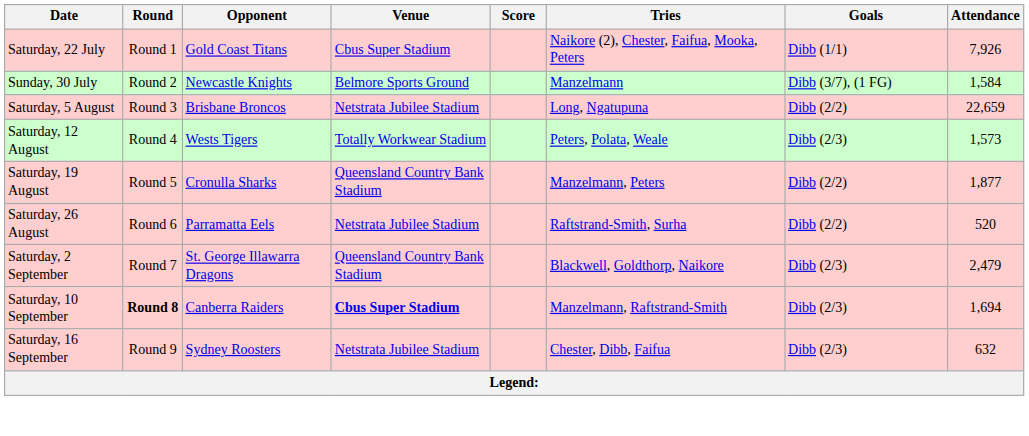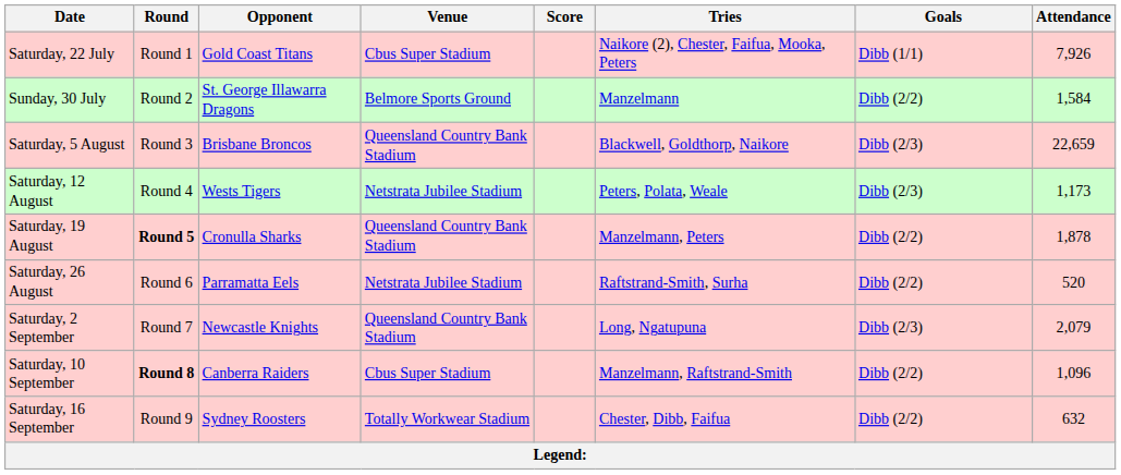 <table class="wikitable" style="font-size:75%;">
 <tr>
 <th style="width:120px;">Date</th>
 <th style="width:50px;">Round</th>
 <th style="width:160px;">Opponent</th>
 <th style="width:170px;">Venue</th>
 <th style="width:50px;">Score</th>
 <th style="width:270px;">Tries</th>
 <th style="width:190px;">Goals</th>
 <th style="width:60px;">Attendance</th>
 </tr>
 <tr style="background:#FFCFCF">
 <td>Saturday, 22 July</td>
 <td style="text-align:center;">Round 1</td>
 <td> <a href='#'>Gold Coast Titans</a></td>
 <td><a href='#'>Cbus Super Stadium</a></td>
 <td style="text-align:center;"></td>
 <td><a href='#'>Naikore</a> (2), <a href='#'>Chester</a>, <a href='#'>Faifua</a>, <a href='#'>Mooka</a>, <a href='#'>Peters</a></td>
 <td><a href='#'>Dibb</a> (1/1)</td>
 <td style="text-align:center;">7,926</td>
 </tr>
 <tr style="background:#CCFFCC">
 <td>Sunday, 30 July</td>
 <td style="text-align:center;">Round 2</td>
-<td> <a href='#'>Newcastle Knights</a></td>
+<td> <a href='#'>St. George Illawarra Dragons</a></td>
 <td><a href='#'>Belmore Sports Ground</a></td>
 <td style="text-align:center;"></td>
 <td><a href='#'>Manzelmann</a></td>
-<td><a href='#'>Dibb</a> (3/7), (1 FG)</td>
+<td><a href='#'>Dibb</a> (2/2)</td>
 <td style="text-align:center;">1,584</td>
 </tr>
 <tr style="background:#FFCFCF">
 <td>Saturday, 5 August</td>
 <td style="text-align:center;">Round 3</td>
 <td> <a href='#'>Brisbane Broncos</a></td>
-<td><a href='#'>Netstrata Jubilee Stadium</a></td>
+<td><a href='#'>Queensland Country Bank Stadium</a></td>
 <td style="text-align:center;"></td>
-<td><a href='#'>Long</a>, <a href='#'>Ngatupuna</a></td>
-<td><a href='#'>Dibb</a> (2/2)</td>
+<td><a href='#'>Blackwell</a>, <a href='#'>Goldthorp</a>, <a href='#'>Naikore</a></td>
+<td><a href='#'>Dibb</a> (2/3)</td>
 <td style="text-align:center;">22,659</td>
 </tr>
 <tr style="background:#CCFFCC">
 <td>Saturday, 12 August</td>
 <td style="text-align:center;">Round 4</td>
 <td> <a href='#'>Wests Tigers</a></td>
-<td><a href='#'>Totally Workwear Stadium</a></td>
+<td><a href='#'>Netstrata Jubilee Stadium</a></td>
 <td style="text-align:center;"></td>
 <td><a href='#'>Peters</a>, <a href='#'>Polata</a>, <a href='#'>Weale</a></td>
 <td><a href='#'>Dibb</a> (2/3)</td>
-<td style="text-align:center;">1,573</td>
+<td style="text-align:center;">1,173</td>
 </tr>
 <tr style="background:#FFCFCF">
 <td>Saturday, 19 August</td>
-<td style="text-align:center;">Round 5</td>
+<td style="text-align:center;"><strong>Round 5</strong></td>
 <td> <a href='#'>Cronulla Sharks</a></td>
 <td><a href='#'>Queensland Country Bank Stadium</a></td>
 <td style="text-align:center;"></td>
 <td><a href='#'>Manzelmann</a>, <a href='#'>Peters</a></td>
 <td><a href='#'>Dibb</a> (2/2)</td>
-<td style="text-align:center;">1,877</td>
+<td style="text-align:center;">1,878</td>
 </tr>
 <tr style="background:#FFCFCF">
 <td>Saturday, 26 August</td>
 <td style="text-align:center;">Round 6</td>
 <td> <a href='#'>Parramatta Eels</a></td>
 <td><a href='#'>Netstrata Jubilee Stadium</a></td>
 <td style="text-align:center;"></td>
 <td><a href='#'>Raftstrand-Smith</a>, <a href='#'>Surha</a></td>
 <td><a href='#'>Dibb</a> (2/2)</td>
 <td style="text-align:center;">520</td>
 </tr>
 <tr style="background:#FFCFCF">
 <td>Saturday, 2 September</td>
 <td style="text-align:center;">Round 7</td>
-<td> <a href='#'>St. George Illawarra Dragons</a></td>
+<td> <a href='#'>Newcastle Knights</a></td>
 <td><a href='#'>Queensland Country Bank Stadium</a></td>
 <td style="text-align:center;"></td>
-<td><a href='#'>Blackwell</a>, <a href='#'>Goldthorp</a>, <a href='#'>Naikore</a></td>
+<td><a href='#'>Long</a>, <a href='#'>Ngatupuna</a></td>
 <td><a href='#'>Dibb</a> (2/3)</td>
-<td style="text-align:center;">2,479</td>
+<td style="text-align:center;">2,079</td>
 </tr>
 <tr style="background:#FFCFCF">
 <td>Saturday, 10 September</td>
 <td style="text-align:center;"><strong>Round 8</strong></td>
 <td> <a href='#'>Canberra Raiders</a></td>
-<td><strong><a href='#'>Cbus Super Stadium</a></strong></td>
+<td><a href='#'>Cbus Super Stadium</a></td>
 <td style="text-align:center;"></td>
 <td><a href='#'>Manzelmann</a>, <a href='#'>Raftstrand-Smith</a></td>
-<td><a href='#'>Dibb</a> (2/3)</td>
-<td style="text-align:center;">1,694</td>
+<td><a href='#'>Dibb</a> (2/2)</td>
+<td style="text-align:center;">1,096</td>
 </tr>
 <tr style="background:#FFCFCF">
 <td>Saturday, 16 September</td>
 <td style="text-align:center;">Round 9</td>
 <td> <a href='#'>Sydney Roosters</a></td>
-<td><a href='#'>Netstrata Jubilee Stadium</a></td>
+<td><a href='#'>Totally Workwear Stadium</a></td>
 <td style="text-align:center;"></td>
 <td><a href='#'>Chester</a>, <a href='#'>Dibb</a>, <a href='#'>Faifua</a></td>
-<td><a href='#'>Dibb</a> (2/3)</td>
+<td><a href='#'>Dibb</a> (2/2)</td>
 <td style="text-align:center;">632</td>
 </tr>
 <tr>
 <th colspan="11"><strong>Legend</strong>:    </th>
 </tr>
 </table>
